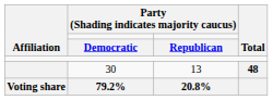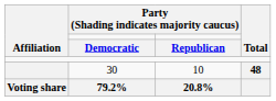 <table class=wikitable style="text-align:center">
 <tr style="vertical-align:bottom;">
 <th rowspan=3>Affiliation</th>
 <th colspan=2>Party <div>(Shading indicates majority caucus)</div></th>
 <th rowspan=3>Total</th>
 </tr>
 <tr style="height:5px">
 <td style="background-color:"></td>
 <td style="background-color:"></td>
 </tr>
 <tr>
 <th><a href='#'>Democratic</a></th>
 <th><a href='#'>Republican</a></th>
 </tr>
 <tr>
 <td colspan=5></td>
 </tr>
 <tr>
 <th nowrap style="font-size:80%"></th>
 <td>30</td>
-<td>13</td>
+<td>10</td>
 <th>48</th>
 </tr>
 <tr>
 <th>Voting share</th>
 <th>79.2%</th>
 <th>20.8%</th>
 <th colspan=2></th>
 </tr>
 </table>
